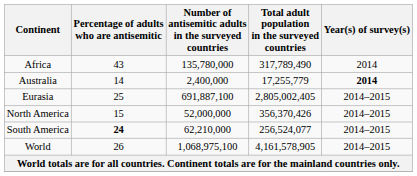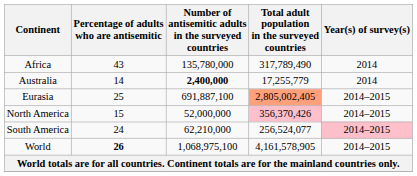 <table class="wikitable" style="text-align:center;">
 <tr>
 <th scope="col">Continent</th>
 <th scope="col">Percentage of adults<br>who are antisemitic</th>
 <th scope="col">Number of<br>antisemitic adults<br>in the surveyed<br>countries</th>
 <th scope="col">Total adult<br>population<br>in the surveyed<br>countries</th>
 <th scope="col">Year(s) of survey(s)</th>
 </tr>
 <tr>
 <td>Africa</td>
 <td>43</td>
 <td>135,780,000</td>
 <td>317,789,490</td>
 <td>2014</td>
 </tr>
 <tr>
 <td>Australia</td>
 <td>14</td>
-<td>2,400,000</td>
+<td><strong>2,400,000</strong></td>
 <td>17,255,779</td>
-<td><strong>2014</strong></td>
+<td>2014</td>
 </tr>
 <tr>
 <td>Eurasia</td>
 <td>25</td>
 <td>691,887,100</td>
-<td>2,805,002,405</td>
+<td style="background: lightsalmon;">2,805,002,405</td>
 <td>2014–2015</td>
 </tr>
 <tr>
 <td>North America</td>
 <td>15</td>
 <td>52,000,000</td>
-<td>356,370,426</td>
+<td style="background: pink;">356,370,426</td>
 <td>2014–2015</td>
 </tr>
 <tr>
 <td>South America</td>
-<td><strong>24</strong></td>
+<td>24</td>
 <td>62,210,000</td>
 <td>256,524,077</td>
-<td>2014–2015</td>
+<td style="background: pink;">2014–2015</td>
 </tr>
 <tr>
 <td>World</td>
-<td>26</td>
+<td><strong>26</strong></td>
 <td>1,068,975,100</td>
 <td>4,161,578,905</td>
 <td>2014–2015</td>
 </tr>
 <tr>
 <th colspan="5">World totals are for all countries. Continent totals are for the mainland countries only.</th>
 </tr>
 <tr>
 </tr>
 </table>
